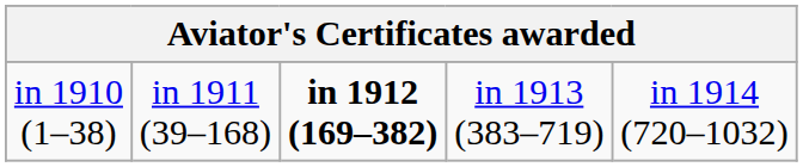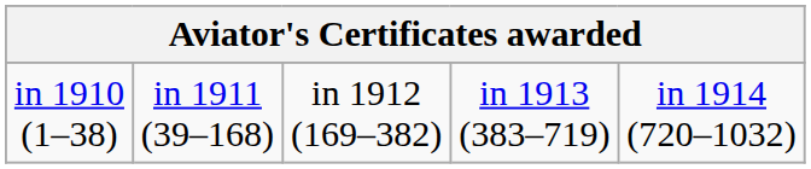 <table class="wikitable">
 <tr>
 <th colspan=5>Aviator's Certificates awarded</th>
 </tr>
 <tr>
 <td align="center"><a href='#'>in 1910</a><br>(1–38)</td>
 <td align="center"><a href='#'>in 1911</a><br>(39–168)</td>
-<td align="center"><strong>in 1912<br>(169–382)</strong></td>
+<td align="center">in 1912<br>(169–382)</td>
 <td align="center"><a href='#'>in 1913</a><br>(383–719)</td>
 <td align="center"><a href='#'>in 1914</a><br>(720–1032)</td>
 </tr>
 </table>
